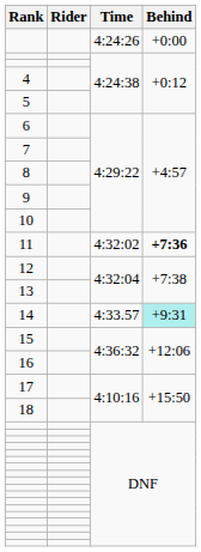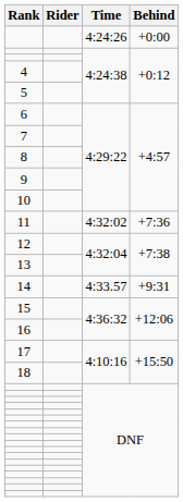 <table class="wikitable sortable" style="text-align: center"">
 <tr>
 <th>Rank</th>
 <th>Rider</th>
 <th>Time</th>
 <th>Behind</th>
 </tr>
 <tr>
 <td></td>
 <td align="left"></td>
 <td>4:24:26</td>
 <td>+0:00</td>
 </tr>
 <tr>
 <td></td>
 <td align="left"></td>
 <td rowspan=4>4:24:38</td>
 <td rowspan=4>+0:12</td>
 </tr>
 <tr>
 <td></td>
 <td align="left"></td>
 </tr>
 <tr>
 <td>4</td>
 <td align="left"></td>
 </tr>
 <tr>
 <td>5</td>
 <td align="left"></td>
 </tr>
 <tr>
 <td>6</td>
 <td align="left"></td>
 <td rowspan=5>4:29:22</td>
 <td rowspan=5>+4:57</td>
 </tr>
 <tr>
 <td>7</td>
 <td align="left"></td>
 </tr>
 <tr>
 <td>8</td>
 <td align="left"></td>
 </tr>
 <tr>
 <td>9</td>
 <td align="left"></td>
 </tr>
 <tr>
 <td>10</td>
 <td align="left"></td>
 </tr>
 <tr>
 <td>11</td>
 <td align="left"></td>
 <td>4:32:02</td>
-<td><strong>+7:36</strong></td>
+<td>+7:36</td>
 </tr>
 <tr>
 <td>12</td>
 <td align="left"></td>
 <td rowspan=2>4:32:04</td>
 <td rowspan=2>+7:38</td>
 </tr>
 <tr>
 <td>13</td>
 <td align="left"></td>
 </tr>
 <tr>
 <td>14</td>
 <td align="left"></td>
 <td>4:33.57</td>
-<td style="background: paleturquoise;">+9:31</td>
+<td>+9:31</td>
 </tr>
 <tr>
 <td>15</td>
 <td align="left"></td>
 <td rowspan=2>4:36:32</td>
 <td rowspan=2>+12:06</td>
 </tr>
 <tr>
 <td>16</td>
 <td align="left"></td>
 </tr>
 <tr>
 <td>17</td>
 <td align="left"></td>
 <td rowspan=2>4:10:16</td>
 <td rowspan=2>+15:50</td>
 </tr>
 <tr>
 <td>18</td>
 <td align="left"></td>
 </tr>
 <tr>
 <td></td>
 <td align="left"></td>
 <td rowspan=18 colspan=2>DNF</td>
 </tr>
 <tr>
 <td></td>
 <td align="left"></td>
 </tr>
 <tr>
 <td></td>
 <td align="left"></td>
 </tr>
 <tr>
 <td></td>
 <td align="left"></td>
 </tr>
 <tr>
 <td></td>
 <td align="left"></td>
 </tr>
 <tr>
 <td></td>
 <td align="left"></td>
 </tr>
 <tr>
 <td></td>
 <td align="left"></td>
 </tr>
 <tr>
 <td></td>
 <td align="left"></td>
 </tr>
 <tr>
 <td></td>
 <td align="left"></td>
 </tr>
 <tr>
 <td></td>
 <td align="left"></td>
 </tr>
 <tr>
 <td></td>
 <td align="left"></td>
 </tr>
 <tr>
 <td></td>
 <td align="left"></td>
 </tr>
 <tr>
 <td></td>
 <td align="left"></td>
 </tr>
 <tr>
 <td></td>
 <td align="left"></td>
 </tr>
 <tr>
 <td></td>
 <td align="left"></td>
 </tr>
 <tr>
 <td></td>
 <td align="left"></td>
 </tr>
 <tr>
 <td></td>
 <td align="left"></td>
 </tr>
 <tr>
 <td></td>
 <td align="left"></td>
 </tr>
 </table>
